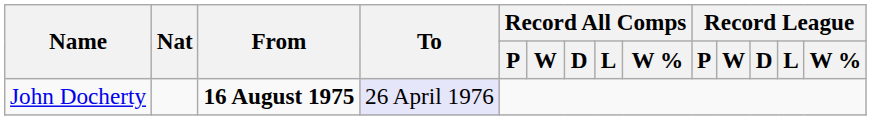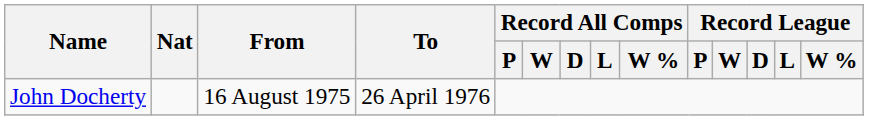 <table style="text-align: center" class="wikitable">
 <tr>
 <th rowspan="2">Name</th>
 <th rowspan="2">Nat</th>
 <th rowspan="2">From</th>
 <th rowspan="2">To</th>
 <th colspan="5">Record All Comps</th>
 <th colspan="5">Record League</th>
 </tr>
 <tr>
 <th>P</th>
 <th>W</th>
 <th>D</th>
 <th>L</th>
 <th>W %</th>
 <th>P</th>
 <th>W</th>
 <th>D</th>
 <th>L</th>
 <th>W %</th>
 </tr>
 <tr>
 <td style="text-align:left;"><a href='#'>John Docherty</a></td>
 <td></td>
-<td style="text-align:left;"><strong>16 August 1975</strong></td>
-<td style="background: lavender; text-align:left;">26 April 1976<br> </td>
+<td style="text-align:left;">16 August 1975</td>
+<td style="text-align:left;">26 April 1976<br> </td>
 </tr>
 </table>
